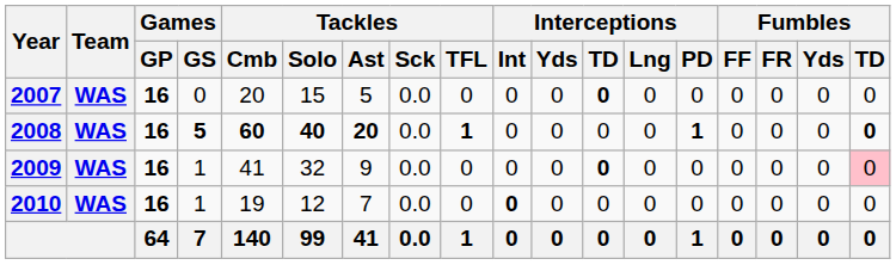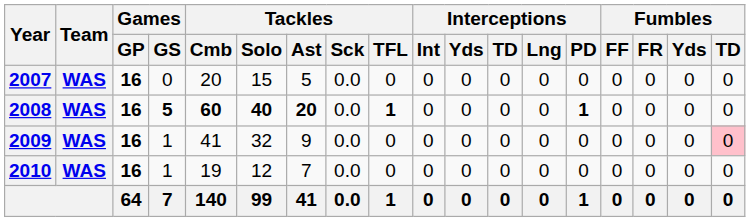 <table class="wikitable" style="text-align:center">
 <tr>
 <th rowspan="2">Year</th>
 <th rowspan="2">Team</th>
 <th colspan="2">Games</th>
 <th colspan="5">Tackles</th>
 <th colspan="5">Interceptions</th>
 <th colspan="4">Fumbles</th>
 </tr>
 <tr>
 <th>GP</th>
 <th>GS</th>
 <th>Cmb</th>
 <th>Solo</th>
 <th>Ast</th>
 <th>Sck</th>
 <th>TFL</th>
 <th>Int</th>
 <th>Yds</th>
 <th>TD</th>
 <th>Lng</th>
 <th>PD</th>
 <th>FF</th>
 <th>FR</th>
 <th>Yds</th>
 <th>TD</th>
 </tr>
 <tr>
 <th><a href='#'>2007</a></th>
 <th><a href='#'>WAS</a></th>
 <td><strong>16</strong></td>
 <td>0</td>
 <td>20</td>
 <td>15</td>
 <td>5</td>
 <td>0.0</td>
 <td>0</td>
 <td>0</td>
 <td>0</td>
-<td><strong>0</strong></td>
+<td>0</td>
 <td>0</td>
 <td>0</td>
 <td>0</td>
 <td>0</td>
 <td>0</td>
 <td>0</td>
 </tr>
 <tr>
 <th><a href='#'>2008</a></th>
 <th><a href='#'>WAS</a></th>
 <td><strong>16</strong></td>
 <td><strong>5</strong></td>
 <td><strong>60</strong></td>
 <td><strong>40</strong></td>
 <td><strong>20</strong></td>
 <td>0.0</td>
 <td><strong>1</strong></td>
 <td>0</td>
 <td>0</td>
 <td>0</td>
 <td>0</td>
 <td><strong>1</strong></td>
 <td>0</td>
 <td>0</td>
 <td>0</td>
-<td><strong>0</strong></td>
+<td>0</td>
 </tr>
 <tr>
 <th><a href='#'>2009</a></th>
 <th><a href='#'>WAS</a></th>
 <td><strong>16</strong></td>
 <td>1</td>
 <td>41</td>
 <td>32</td>
 <td>9</td>
 <td>0.0</td>
 <td>0</td>
 <td>0</td>
 <td>0</td>
-<td><strong>0</strong></td>
+<td>0</td>
 <td>0</td>
 <td>0</td>
 <td>0</td>
 <td>0</td>
 <td>0</td>
 <td style="background: pink;">0</td>
 </tr>
 <tr>
 <th><a href='#'>2010</a></th>
 <th><a href='#'>WAS</a></th>
 <td><strong>16</strong></td>
 <td>1</td>
 <td>19</td>
 <td>12</td>
 <td>7</td>
 <td>0.0</td>
 <td>0</td>
-<td><strong>0</strong></td>
+<td>0</td>
 <td>0</td>
 <td>0</td>
 <td>0</td>
 <td>0</td>
 <td>0</td>
 <td>0</td>
 <td>0</td>
 <td>0</td>
 </tr>
 <tr>
 <th colspan="2"></th>
 <th>64</th>
 <th>7</th>
 <th>140</th>
 <th>99</th>
 <th>41</th>
 <th>0.0</th>
 <th>1</th>
 <th>0</th>
 <th>0</th>
 <th>0</th>
 <th>0</th>
 <th>1</th>
 <th>0</th>
 <th>0</th>
 <th>0</th>
 <th>0</th>
 </tr>
 </table>
